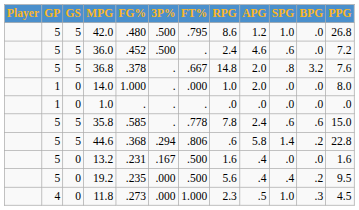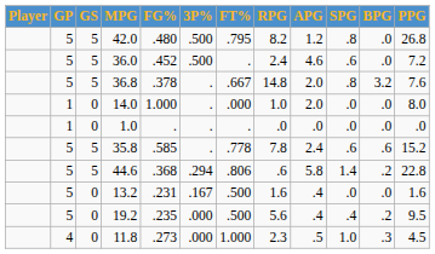 <table class="wikitable sortable" style="text-align:right;">
 <tr>
 <th style="background:#4b90cc; color:#Fbb726">Player</th>
 <th style="background:#4b90cc; color:#Fbb726">GP</th>
 <th style="background:#4b90cc; color:#Fbb726">GS</th>
 <th style="background:#4b90cc; color:#Fbb726">MPG</th>
 <th style="background:#4b90cc; color:#Fbb726">FG%</th>
 <th style="background:#4b90cc; color:#Fbb726">3P%</th>
 <th style="background:#4b90cc; color:#Fbb726">FT%</th>
 <th style="background:#4b90cc; color:#Fbb726">RPG</th>
 <th style="background:#4b90cc; color:#Fbb726">APG</th>
 <th style="background:#4b90cc; color:#Fbb726">SPG</th>
 <th style="background:#4b90cc; color:#Fbb726">BPG</th>
 <th style="background:#4b90cc; color:#Fbb726">PPG</th>
 </tr>
 <tr>
 <td></td>
 <td>5</td>
 <td>5</td>
 <td>42.0</td>
 <td>.480</td>
 <td>.500</td>
 <td>.795</td>
-<td>8.6</td>
+<td>8.2</td>
 <td>1.2</td>
-<td>1.0</td>
+<td>.8</td>
 <td>.0</td>
 <td>26.8</td>
 </tr>
 <tr>
 <td></td>
 <td>5</td>
 <td>5</td>
 <td>36.0</td>
 <td>.452</td>
 <td>.500</td>
 <td>.</td>
 <td>2.4</td>
 <td>4.6</td>
 <td>.6</td>
 <td>.0</td>
 <td>7.2</td>
 </tr>
 <tr>
 <td></td>
 <td>5</td>
 <td>5</td>
 <td>36.8</td>
 <td>.378</td>
 <td>.</td>
 <td>.667</td>
 <td>14.8</td>
 <td>2.0</td>
 <td>.8</td>
 <td>3.2</td>
 <td>7.6</td>
 </tr>
 <tr>
 <td></td>
 <td>1</td>
 <td>0</td>
 <td>14.0</td>
 <td>1.000</td>
 <td>.</td>
 <td>.000</td>
 <td>1.0</td>
 <td>2.0</td>
 <td>.0</td>
 <td>.0</td>
 <td>8.0</td>
 </tr>
 <tr>
 <td></td>
 <td>1</td>
 <td>0</td>
 <td>1.0</td>
 <td>.</td>
 <td>.</td>
 <td>.</td>
 <td>.0</td>
 <td>.0</td>
 <td>.0</td>
 <td>.0</td>
 <td>.0</td>
 </tr>
 <tr>
 <td></td>
 <td>5</td>
 <td>5</td>
 <td>35.8</td>
 <td>.585</td>
 <td>.</td>
 <td>.778</td>
 <td>7.8</td>
 <td>2.4</td>
 <td>.6</td>
 <td>.6</td>
-<td>15.0</td>
+<td>15.2</td>
 </tr>
 <tr>
 <td></td>
 <td>5</td>
 <td>5</td>
 <td>44.6</td>
 <td>.368</td>
 <td>.294</td>
 <td>.806</td>
 <td>.6</td>
 <td>5.8</td>
 <td>1.4</td>
 <td>.2</td>
 <td>22.8</td>
 </tr>
 <tr>
 <td></td>
 <td>5</td>
 <td>0</td>
 <td>13.2</td>
 <td>.231</td>
 <td>.167</td>
 <td>.500</td>
 <td>1.6</td>
 <td>.4</td>
 <td>.0</td>
 <td>.0</td>
 <td>1.6</td>
 </tr>
 <tr>
 <td></td>
 <td>5</td>
 <td>0</td>
 <td>19.2</td>
 <td>.235</td>
 <td>.000</td>
 <td>.500</td>
 <td>5.6</td>
 <td>.4</td>
 <td>.4</td>
 <td>.2</td>
 <td>9.5</td>
 </tr>
 <tr>
 <td></td>
 <td>4</td>
 <td>0</td>
 <td>11.8</td>
 <td>.273</td>
 <td>.000</td>
 <td>1.000</td>
 <td>2.3</td>
 <td>.5</td>
 <td>1.0</td>
 <td>.3</td>
 <td>4.5</td>
 </tr>
 </table>
